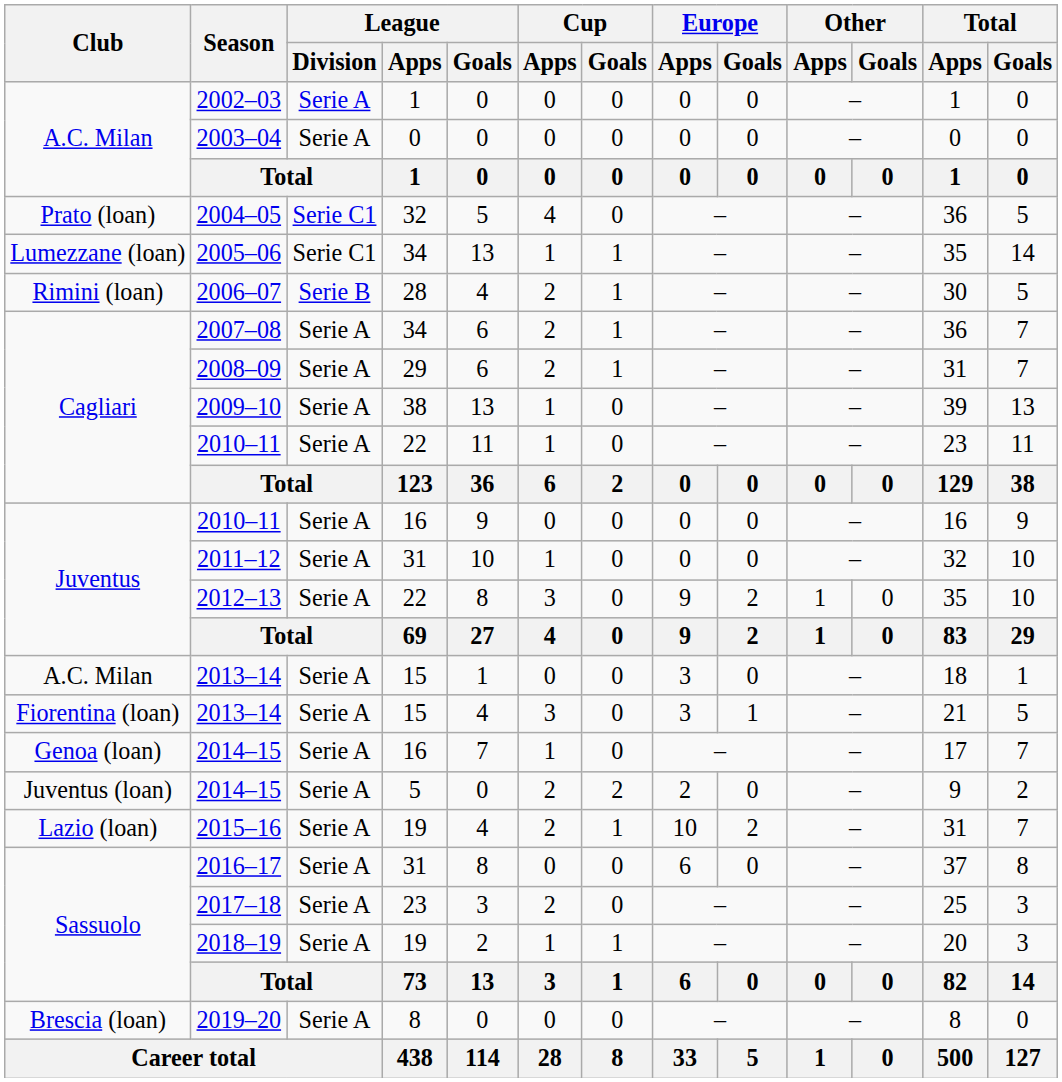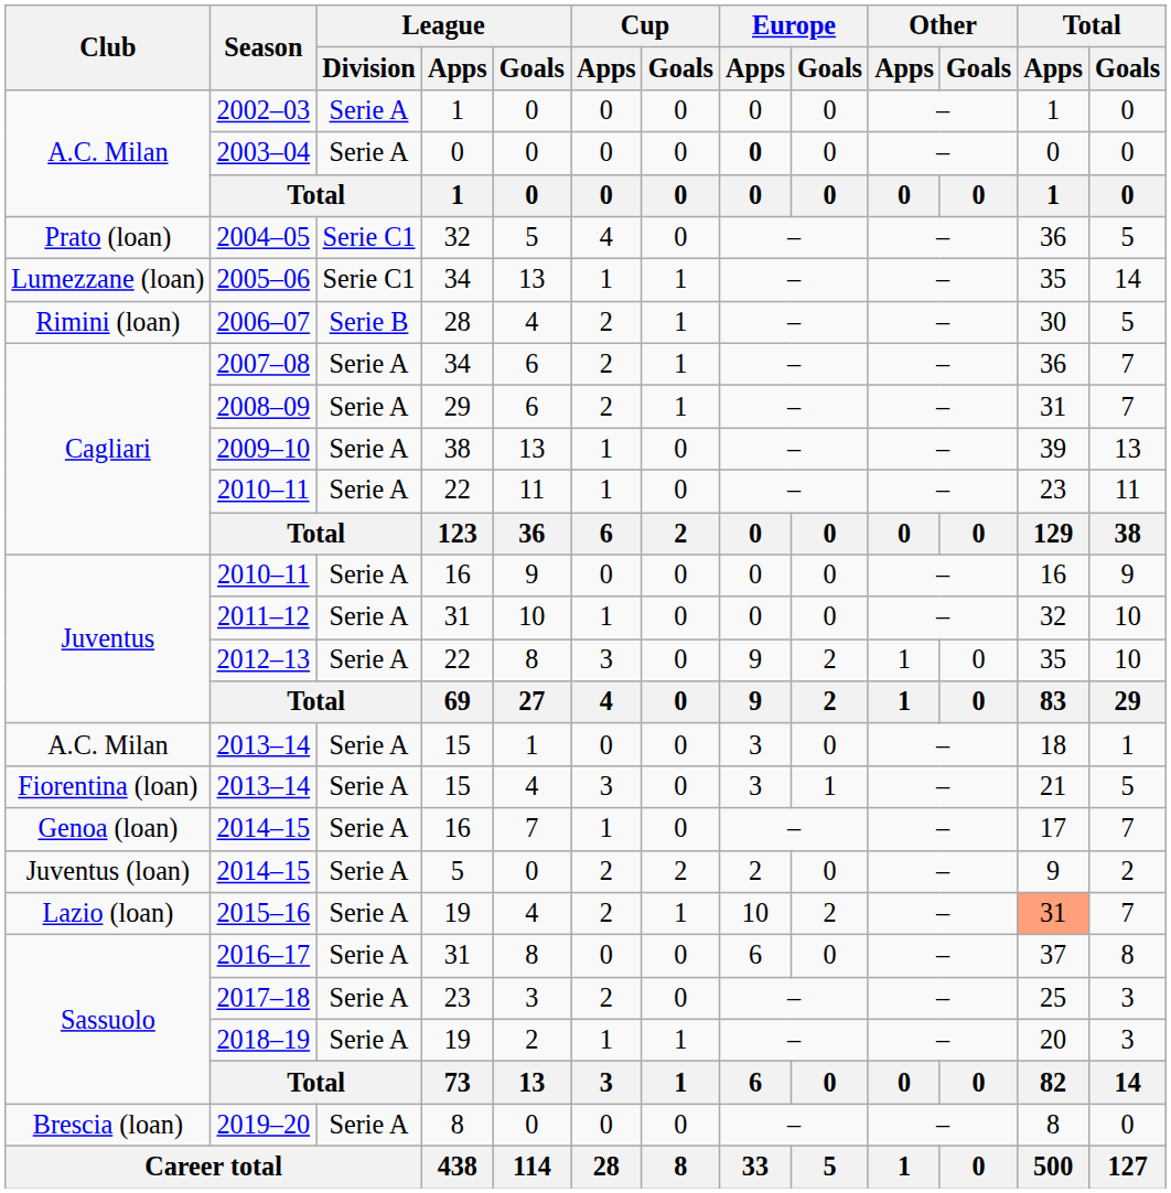 <table class="wikitable" style="text-align:center">
 <tr>
 <th rowspan="2">Club</th>
 <th rowspan="2">Season</th>
 <th colspan="3">League</th>
 <th colspan="2">Cup</th>
 <th colspan="2"><a href='#'>Europe</a></th>
 <th colspan="2">Other</th>
 <th colspan="2">Total</th>
 </tr>
 <tr>
 <th>Division</th>
 <th>Apps</th>
 <th>Goals</th>
 <th>Apps</th>
 <th>Goals</th>
 <th>Apps</th>
 <th>Goals</th>
 <th>Apps</th>
 <th>Goals</th>
 <th>Apps</th>
 <th>Goals</th>
 </tr>
 <tr>
 <td rowspan="3"><a href='#'>A.C. Milan</a></td>
 <td><a href='#'>2002–03</a></td>
 <td><a href='#'>Serie A</a></td>
 <td>1</td>
 <td>0</td>
 <td>0</td>
 <td>0</td>
 <td>0</td>
 <td>0</td>
 <td colspan="2">–</td>
 <td>1</td>
 <td>0</td>
 </tr>
 <tr>
 <td><a href='#'>2003–04</a></td>
 <td>Serie A</td>
 <td>0</td>
 <td>0</td>
 <td>0</td>
 <td>0</td>
-<td>0</td>
+<td><strong>0</strong></td>
 <td>0</td>
 <td colspan="2">–</td>
 <td>0</td>
 <td>0</td>
 </tr>
 <tr>
 <th colspan="2">Total</th>
 <th>1</th>
 <th>0</th>
 <th>0</th>
 <th>0</th>
 <th>0</th>
 <th>0</th>
 <th>0</th>
 <th>0</th>
 <th>1</th>
 <th>0</th>
 </tr>
 <tr>
 <td><a href='#'>Prato</a> (loan)</td>
 <td><a href='#'>2004–05</a></td>
 <td><a href='#'>Serie C1</a></td>
 <td>32</td>
 <td>5</td>
 <td>4</td>
 <td>0</td>
 <td colspan="2">–</td>
 <td colspan="2">–</td>
 <td>36</td>
 <td>5</td>
 </tr>
 <tr>
 <td><a href='#'>Lumezzane</a> (loan)</td>
 <td><a href='#'>2005–06</a></td>
 <td>Serie C1</td>
 <td>34</td>
 <td>13</td>
 <td>1</td>
 <td>1</td>
 <td colspan="2">–</td>
 <td colspan="2">–</td>
 <td>35</td>
 <td>14</td>
 </tr>
 <tr>
 <td><a href='#'>Rimini</a> (loan)</td>
 <td><a href='#'>2006–07</a></td>
 <td><a href='#'>Serie B</a></td>
 <td>28</td>
 <td>4</td>
 <td>2</td>
 <td>1</td>
 <td colspan="2">–</td>
 <td colspan="2">–</td>
 <td>30</td>
 <td>5</td>
 </tr>
 <tr>
 <td rowspan="5"><a href='#'>Cagliari</a></td>
 <td><a href='#'>2007–08</a></td>
 <td>Serie A</td>
 <td>34</td>
 <td>6</td>
 <td>2</td>
 <td>1</td>
 <td colspan="2">–</td>
 <td colspan="2">–</td>
 <td>36</td>
 <td>7</td>
 </tr>
 <tr>
 <td><a href='#'>2008–09</a></td>
 <td>Serie A</td>
 <td>29</td>
 <td>6</td>
 <td>2</td>
 <td>1</td>
 <td colspan="2">–</td>
 <td colspan="2">–</td>
 <td>31</td>
 <td>7</td>
 </tr>
 <tr>
 <td><a href='#'>2009–10</a></td>
 <td>Serie A</td>
 <td>38</td>
 <td>13</td>
 <td>1</td>
 <td>0</td>
 <td colspan="2">–</td>
 <td colspan="2">–</td>
 <td>39</td>
 <td>13</td>
 </tr>
 <tr>
 <td><a href='#'>2010–11</a></td>
 <td>Serie A</td>
 <td>22</td>
 <td>11</td>
 <td>1</td>
 <td>0</td>
 <td colspan="2">–</td>
 <td colspan="2">–</td>
 <td>23</td>
 <td>11</td>
 </tr>
 <tr>
 <th colspan="2">Total</th>
 <th>123</th>
 <th>36</th>
 <th>6</th>
 <th>2</th>
 <th>0</th>
 <th>0</th>
 <th>0</th>
 <th>0</th>
 <th>129</th>
 <th>38</th>
 </tr>
 <tr>
 <td rowspan="4"><a href='#'>Juventus</a></td>
 <td><a href='#'>2010–11</a></td>
 <td>Serie A</td>
 <td>16</td>
 <td>9</td>
 <td>0</td>
 <td>0</td>
 <td>0</td>
 <td>0</td>
 <td colspan="2">–</td>
 <td>16</td>
 <td>9</td>
 </tr>
 <tr>
 <td><a href='#'>2011–12</a></td>
 <td>Serie A</td>
 <td>31</td>
 <td>10</td>
 <td>1</td>
 <td>0</td>
 <td>0</td>
 <td>0</td>
 <td colspan="2">–</td>
 <td>32</td>
 <td>10</td>
 </tr>
 <tr>
 <td><a href='#'>2012–13</a></td>
 <td>Serie A</td>
 <td>22</td>
 <td>8</td>
 <td>3</td>
 <td>0</td>
 <td>9</td>
 <td>2</td>
 <td>1</td>
 <td>0</td>
 <td>35</td>
 <td>10</td>
 </tr>
 <tr>
 <th colspan="2">Total</th>
 <th>69</th>
 <th>27</th>
 <th>4</th>
 <th>0</th>
 <th>9</th>
 <th>2</th>
 <th>1</th>
 <th>0</th>
 <th>83</th>
 <th>29</th>
 </tr>
 <tr>
 <td>A.C. Milan</td>
 <td><a href='#'>2013–14</a></td>
 <td>Serie A</td>
 <td>15</td>
 <td>1</td>
 <td>0</td>
 <td>0</td>
 <td>3</td>
 <td>0</td>
 <td colspan="2">–</td>
 <td>18</td>
 <td>1</td>
 </tr>
 <tr>
 <td><a href='#'>Fiorentina</a> (loan)</td>
 <td><a href='#'>2013–14</a></td>
 <td>Serie A</td>
 <td>15</td>
 <td>4</td>
 <td>3</td>
 <td>0</td>
 <td>3</td>
 <td>1</td>
 <td colspan="2">–</td>
 <td>21</td>
 <td>5</td>
 </tr>
 <tr>
 <td><a href='#'>Genoa</a> (loan)</td>
 <td><a href='#'>2014–15</a></td>
 <td>Serie A</td>
 <td>16</td>
 <td>7</td>
 <td>1</td>
 <td>0</td>
 <td colspan="2">–</td>
 <td colspan="2">–</td>
 <td>17</td>
 <td>7</td>
 </tr>
 <tr>
 <td>Juventus (loan)</td>
 <td><a href='#'>2014–15</a></td>
 <td>Serie A</td>
 <td>5</td>
 <td>0</td>
 <td>2</td>
 <td>2</td>
 <td>2</td>
 <td>0</td>
 <td colspan="2">–</td>
 <td>9</td>
 <td>2</td>
 </tr>
 <tr>
 <td><a href='#'>Lazio</a> (loan)</td>
 <td><a href='#'>2015–16</a></td>
 <td>Serie A</td>
 <td>19</td>
 <td>4</td>
 <td>2</td>
 <td>1</td>
 <td>10</td>
 <td>2</td>
 <td colspan="2">–</td>
-<td>31</td>
+<td style="background: lightsalmon;">31</td>
 <td>7</td>
 </tr>
 <tr>
 <td rowspan="4"><a href='#'>Sassuolo</a></td>
 <td><a href='#'>2016–17</a></td>
 <td>Serie A</td>
 <td>31</td>
 <td>8</td>
 <td>0</td>
 <td>0</td>
 <td>6</td>
 <td>0</td>
 <td colspan="2">–</td>
 <td>37</td>
 <td>8</td>
 </tr>
 <tr>
 <td><a href='#'>2017–18</a></td>
 <td>Serie A</td>
 <td>23</td>
 <td>3</td>
 <td>2</td>
 <td>0</td>
 <td colspan="2">–</td>
 <td colspan="2">–</td>
 <td>25</td>
 <td>3</td>
 </tr>
 <tr>
 <td><a href='#'>2018–19</a></td>
 <td>Serie A</td>
 <td>19</td>
 <td>2</td>
 <td>1</td>
 <td>1</td>
 <td colspan="2">–</td>
 <td colspan="2">–</td>
 <td>20</td>
 <td>3</td>
 </tr>
 <tr>
 <th colspan="2">Total</th>
 <th>73</th>
 <th>13</th>
 <th>3</th>
 <th>1</th>
 <th>6</th>
 <th>0</th>
 <th>0</th>
 <th>0</th>
 <th>82</th>
 <th>14</th>
 </tr>
 <tr>
 <td><a href='#'>Brescia</a> (loan)</td>
 <td><a href='#'>2019–20</a></td>
 <td>Serie A</td>
 <td>8</td>
 <td>0</td>
 <td>0</td>
 <td>0</td>
 <td colspan="2">–</td>
 <td colspan="2">–</td>
 <td>8</td>
 <td>0</td>
 </tr>
 <tr>
 <th colspan="3">Career total</th>
 <th>438</th>
 <th>114</th>
 <th>28</th>
 <th>8</th>
 <th>33</th>
 <th>5</th>
 <th>1</th>
 <th>0</th>
 <th>500</th>
 <th>127</th>
 </tr>
 </table>
